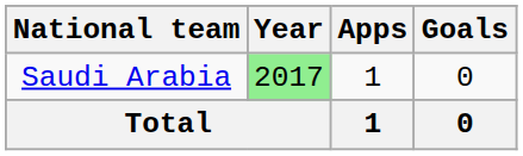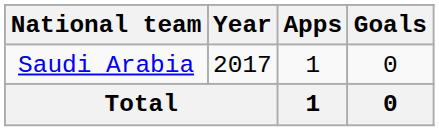 <table class="wikitable" style="text-align:center">
 <tr>
 <th>National team</th>
 <th>Year</th>
 <th>Apps</th>
 <th>Goals</th>
 </tr>
 <tr>
 <td><a href='#'>Saudi Arabia</a></td>
-<td style="background: lightgreen;">2017</td>
+<td>2017</td>
 <td>1</td>
 <td>0</td>
 </tr>
 <tr>
 <th colspan=2>Total</th>
 <th>1</th>
 <th>0</th>
 </tr>
 </table>
